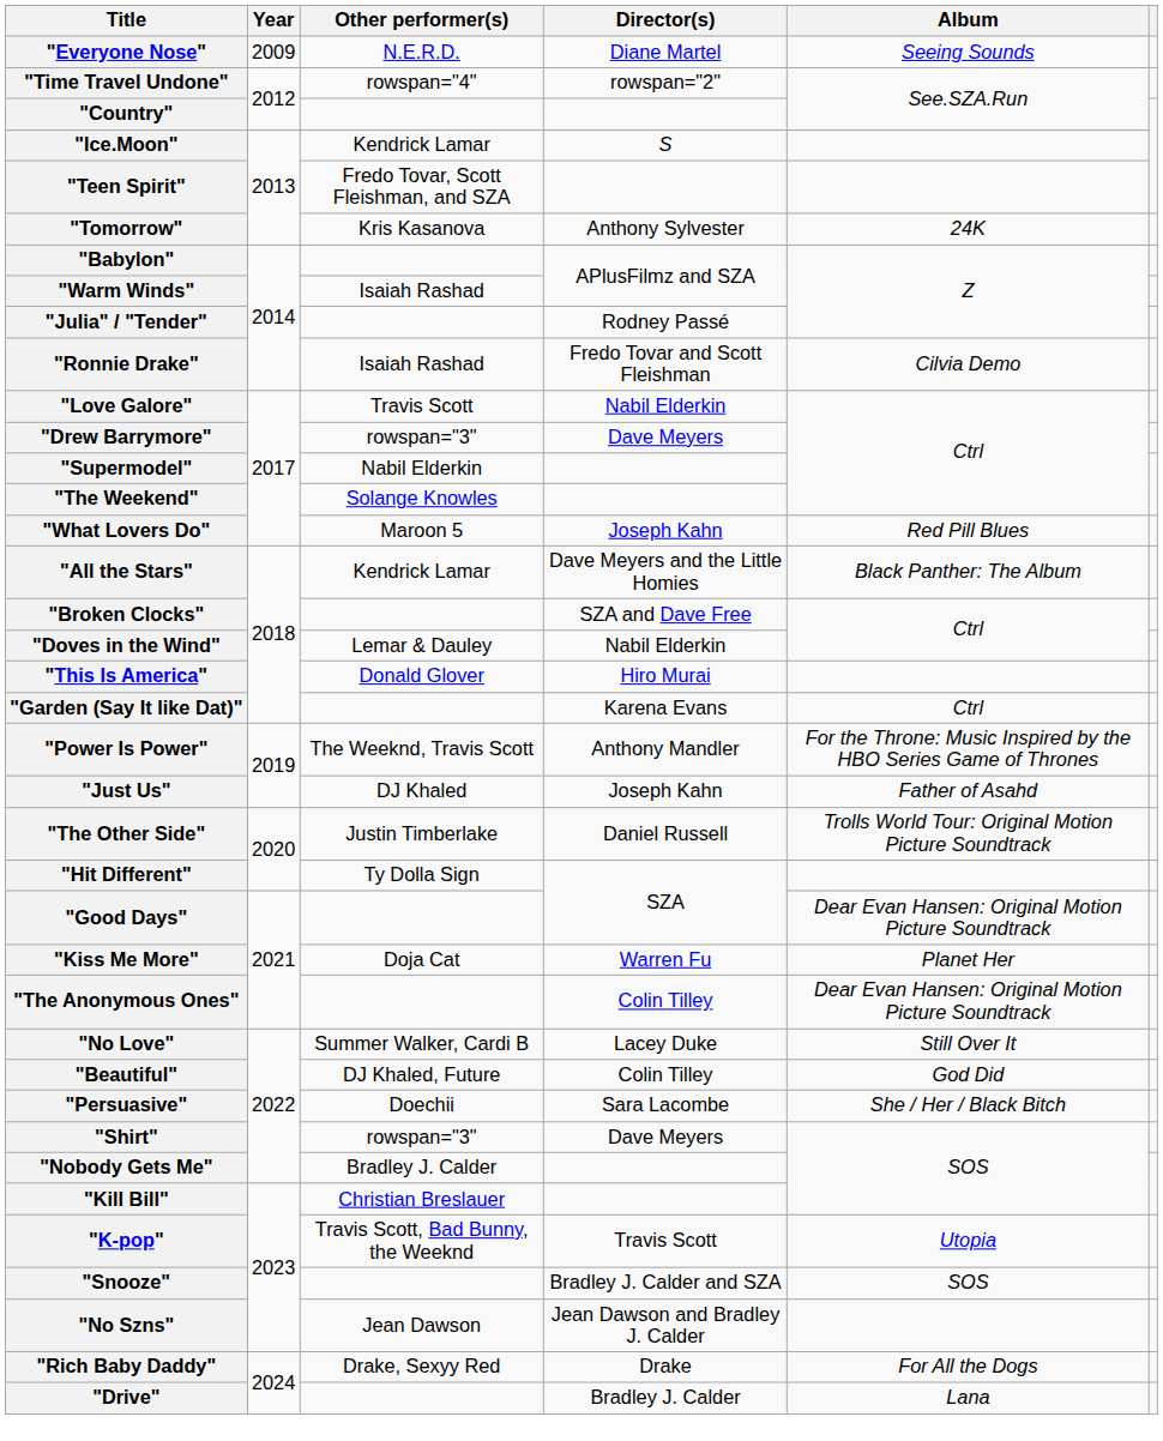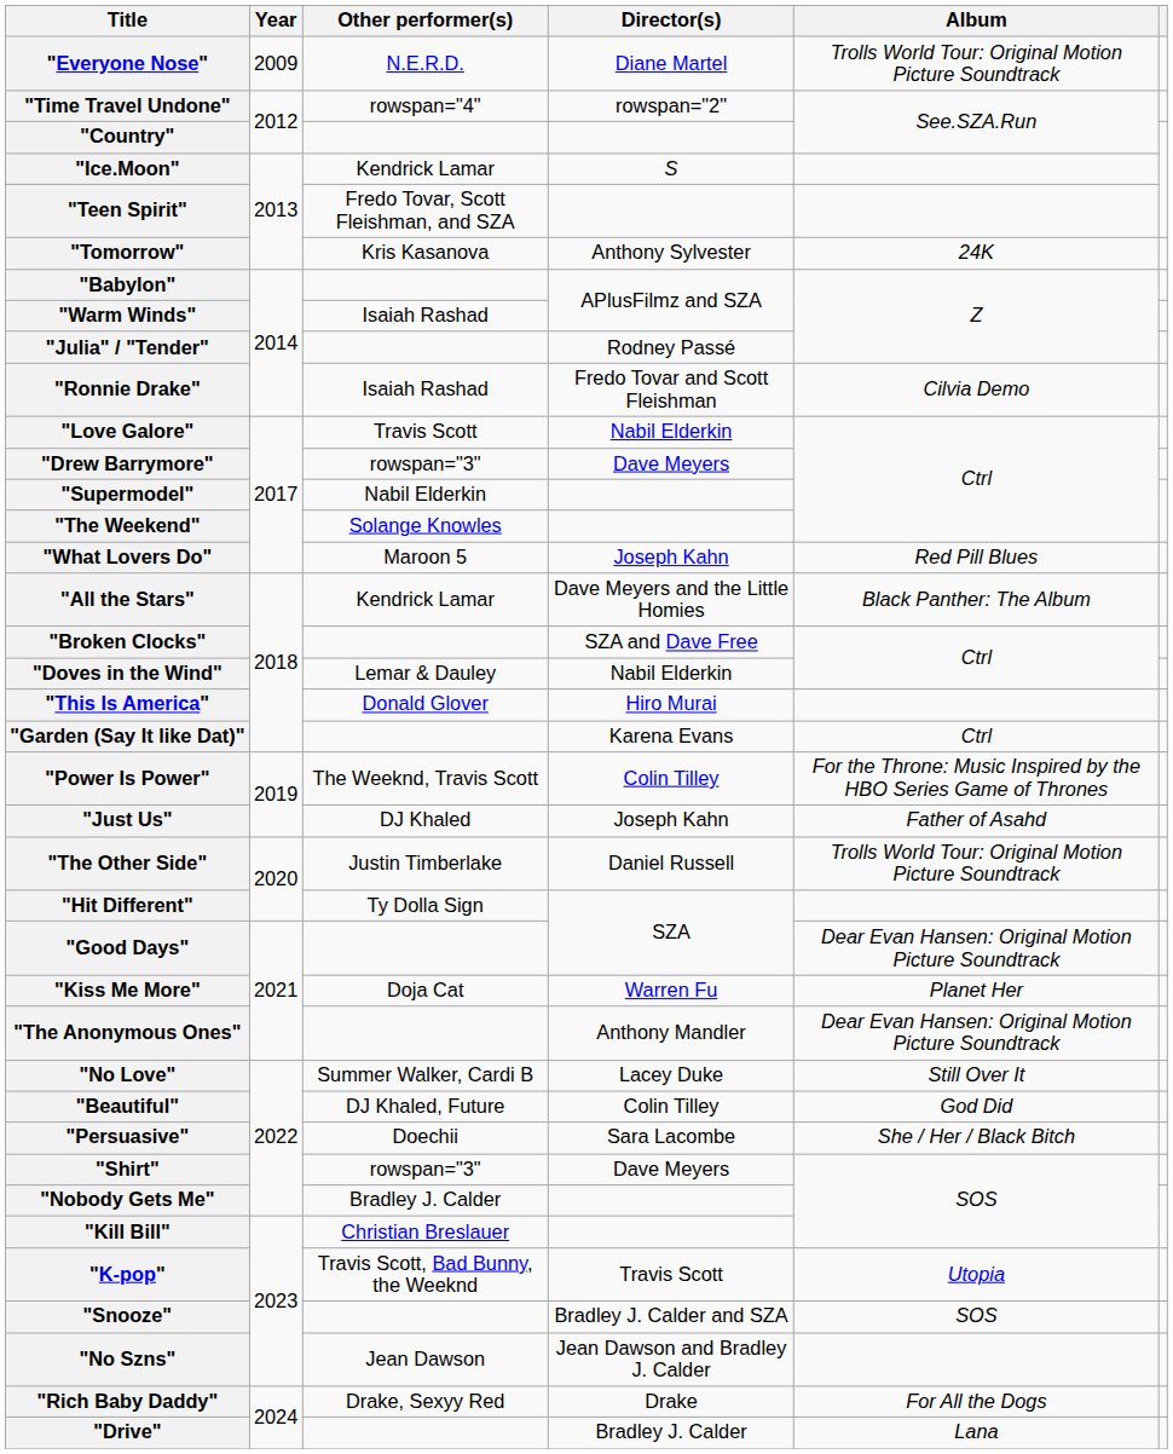 <table class="wikitable plainrowheaders" style="text-align: center;">
 <tr>
 <th scope="col">Title</th>
 <th scope="col">Year</th>
 <th style="width:12em;" scope="col">Other performer(s)</th>
 <th style="width:12em;" scope="col">Director(s)</th>
 <th style="width:18em;" scope="col">Album</th>
 <th scope="col"></th>
 </tr>
 <tr>
 <th scope="row">"<a href='#'>Everyone Nose</a>"</th>
 <td>2009</td>
 <td><a href='#'>N.E.R.D.</a></td>
 <td><a href='#'>Diane Martel</a></td>
-<td><em><a href='#'>Seeing Sounds</a></em></td>
+<td><em>Trolls World Tour: Original Motion Picture Soundtrack</em></td>
 <td></td>
 </tr>
 <tr>
 <th scope="row">"Time Travel Undone"</th>
 <td rowspan="2">2012</td>
 <td>rowspan="4" </td>
 <td>rowspan="2" </td>
 <td rowspan="2"><em>See.SZA.Run</em></td>
 <td></td>
 </tr>
 <tr>
 <th scope="row">"Country"</th>
 <td></td>
 </tr>
 <tr>
 <th scope="row">"Ice.Moon"</th>
 <td rowspan="3">2013</td>
 <td>Kendrick Lamar</td>
 <td><em>S</em></td>
 <td></td>
 </tr>
 <tr>
 <th scope="row">"Teen Spirit"</th>
 <td>Fredo Tovar, Scott Fleishman, and SZA</td>
 <td></td>
 <td></td>
 </tr>
 <tr>
 <th scope="row">"Tomorrow"</th>
 <td>Kris Kasanova</td>
 <td>Anthony Sylvester</td>
 <td><em>24K</em></td>
 <td></td>
 </tr>
 <tr>
 <th scope="row">"Babylon"</th>
 <td rowspan="4">2014</td>
 <td></td>
 <td rowspan="2">APlusFilmz and SZA</td>
 <td rowspan="3"><em>Z</em></td>
 <td></td>
 </tr>
 <tr>
 <th scope="row">"Warm Winds"</th>
 <td>Isaiah Rashad</td>
 <td></td>
 </tr>
 <tr>
 <th scope="row">"Julia" / "Tender"</th>
 <td></td>
 <td>Rodney Passé</td>
 <td></td>
 </tr>
 <tr>
 <th scope="row">"Ronnie Drake"</th>
 <td>Isaiah Rashad</td>
 <td>Fredo Tovar and Scott Fleishman</td>
 <td><em>Cilvia Demo</em></td>
 <td></td>
 </tr>
 <tr>
 <th scope="row">"Love Galore"</th>
 <td rowspan="5">2017</td>
 <td>Travis Scott</td>
 <td><a href='#'>Nabil Elderkin</a></td>
 <td rowspan="4"><em>Ctrl</em></td>
 <td></td>
 </tr>
 <tr>
 <th scope="row">"Drew Barrymore"</th>
 <td>rowspan="3" </td>
 <td><a href='#'>Dave Meyers</a></td>
 <td></td>
 </tr>
 <tr>
 <th scope="row">"Supermodel"</th>
 <td>Nabil Elderkin</td>
 <td></td>
 </tr>
 <tr>
 <th scope="row">"The Weekend"</th>
 <td><a href='#'>Solange Knowles</a></td>
 <td></td>
 </tr>
 <tr>
 <th scope="row">"What Lovers Do"</th>
 <td>Maroon 5</td>
 <td><a href='#'>Joseph Kahn</a></td>
 <td><em>Red Pill Blues</em></td>
 <td></td>
 </tr>
 <tr>
 <th scope="row">"All the Stars"</th>
 <td rowspan="5">2018</td>
 <td>Kendrick Lamar</td>
 <td>Dave Meyers and the Little Homies</td>
 <td><em>Black Panther: The Album</em></td>
 <td></td>
 </tr>
 <tr>
 <th scope="row">"Broken Clocks"</th>
 <td></td>
 <td>SZA and <a href='#'>Dave Free</a></td>
 <td rowspan="2"><em>Ctrl</em></td>
 <td></td>
 </tr>
 <tr>
 <th scope="row">"Doves in the Wind"</th>
 <td>Lemar & Dauley</td>
 <td>Nabil Elderkin</td>
 <td></td>
 </tr>
 <tr>
 <th scope="row">"<a href='#'>This Is America</a>"</th>
 <td><a href='#'>Donald Glover</a></td>
 <td><a href='#'>Hiro Murai</a></td>
 <td></td>
 <td></td>
 </tr>
 <tr>
 <th scope="row">"Garden (Say It like Dat)"</th>
 <td></td>
 <td>Karena Evans</td>
 <td><em>Ctrl</em></td>
 <td></td>
 </tr>
 <tr>
 <th scope="row">"Power Is Power"</th>
 <td rowspan="2">2019</td>
 <td>The Weeknd, Travis Scott</td>
-<td>Anthony Mandler</td>
+<td><a href='#'>Colin Tilley</a></td>
 <td><em>For the Throne: Music Inspired by the HBO Series Game of Thrones</em></td>
 <td></td>
 </tr>
 <tr>
 <th scope="row">"Just Us"</th>
 <td>DJ Khaled</td>
 <td>Joseph Kahn</td>
 <td><em>Father of Asahd</em></td>
 <td></td>
 </tr>
 <tr>
 <th scope="row">"The Other Side"</th>
 <td rowspan="2">2020</td>
 <td>Justin Timberlake</td>
 <td>Daniel Russell</td>
 <td><em>Trolls World Tour: Original Motion Picture Soundtrack</em></td>
 <td></td>
 </tr>
 <tr>
 <th scope="row">"Hit Different"</th>
 <td>Ty Dolla Sign</td>
 <td rowspan="2">SZA</td>
 <td></td>
 <td></td>
 </tr>
 <tr>
 <th scope="row">"Good Days"</th>
 <td rowspan="3">2021</td>
 <td></td>
 <td><em>Dear Evan Hansen: Original Motion Picture Soundtrack</em></td>
 <td></td>
 </tr>
 <tr>
 <th scope="row">"Kiss Me More"</th>
 <td>Doja Cat</td>
 <td><a href='#'>Warren Fu</a></td>
 <td><em>Planet Her</em></td>
 <td></td>
 </tr>
 <tr>
 <th scope="row">"The Anonymous Ones"</th>
 <td></td>
-<td><a href='#'>Colin Tilley</a></td>
+<td>Anthony Mandler</td>
 <td><em>Dear Evan Hansen: Original Motion Picture Soundtrack</em></td>
 <td></td>
 </tr>
 <tr>
 <th scope="row">"No Love"<br></th>
 <td rowspan="5">2022</td>
 <td>Summer Walker, Cardi B</td>
 <td>Lacey Duke</td>
 <td><em>Still Over It</em></td>
 <td></td>
 </tr>
 <tr>
 <th scope="row">"Beautiful"</th>
 <td>DJ Khaled, Future</td>
 <td>Colin Tilley</td>
 <td><em>God Did</em></td>
 <td></td>
 </tr>
 <tr>
 <th scope="row">"Persuasive"</th>
 <td>Doechii</td>
 <td>Sara Lacombe</td>
 <td><em>She / Her / Black Bitch</em></td>
 <td></td>
 </tr>
 <tr>
 <th scope="row">"Shirt"</th>
 <td>rowspan="3" </td>
 <td>Dave Meyers</td>
 <td rowspan="3"><em>SOS</em></td>
 <td></td>
 </tr>
 <tr>
 <th scope="row">"Nobody Gets Me"</th>
 <td>Bradley J. Calder</td>
 <td></td>
 </tr>
 <tr>
 <th scope="row">"Kill Bill"</th>
 <td rowspan="4">2023</td>
 <td><a href='#'>Christian Breslauer</a></td>
 <td></td>
 </tr>
 <tr>
 <th scope="row">"<a href='#'>K-pop</a>"</th>
 <td>Travis Scott, <a href='#'>Bad Bunny</a>, the Weeknd</td>
 <td>Travis Scott</td>
 <td><em><a href='#'>Utopia</a></em></td>
 <td></td>
 </tr>
 <tr>
 <th scope="row">"Snooze"</th>
 <td></td>
 <td>Bradley J. Calder and SZA</td>
 <td><em>SOS</em></td>
 <td></td>
 </tr>
 <tr>
 <th scope="row">"No Szns"</th>
 <td>Jean Dawson</td>
 <td>Jean Dawson and Bradley J. Calder</td>
 <td></td>
 <td></td>
 </tr>
 <tr>
 <th scope="row">"Rich Baby Daddy"</th>
 <td rowspan="2">2024</td>
 <td>Drake, Sexyy Red</td>
 <td>Drake</td>
 <td><em>For All the Dogs</em></td>
 <td></td>
 </tr>
 <tr>
 <th scope="row">"Drive"</th>
 <td></td>
 <td>Bradley J. Calder</td>
 <td><em>Lana</em></td>
 <td></td>
 </tr>
 </table>
